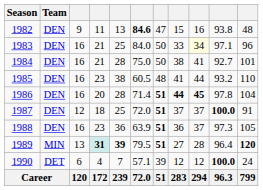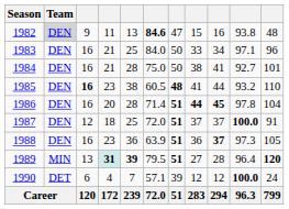 <table class="wikitable" style="text-align:center;">
 <tr>
 <th>Season</th>
 <th>Team</th>
 <th></th>
 <th></th>
 <th></th>
 <th></th>
 <th></th>
 <th></th>
 <th></th>
 <th></th>
 <th></th>
 </tr>
 <tr>
 <td><a href='#'>1982</a></td>
-<td><a href='#'>DEN</a></td>
+<td style="background: lightgrey;"><a href='#'>DEN</a></td>
 <td>9</td>
 <td>11</td>
 <td>13</td>
 <td><strong>84.6</strong></td>
 <td>47</td>
 <td>15</td>
 <td>16</td>
 <td>93.8</td>
 <td>48</td>
 </tr>
 <tr>
 <td><a href='#'>1983</a></td>
 <td><a href='#'>DEN</a></td>
 <td>16</td>
 <td>21</td>
 <td>25</td>
 <td>84.0</td>
 <td>50</td>
 <td>33</td>
-<td style="background: lightyellow;">34</td>
+<td>34</td>
 <td>97.1</td>
 <td>96</td>
 </tr>
 <tr>
 <td><a href='#'>1984</a></td>
 <td><a href='#'>DEN</a></td>
 <td>16</td>
 <td>21</td>
 <td>28</td>
 <td>75.0</td>
 <td>50</td>
 <td>38</td>
 <td>41</td>
 <td>92.7</td>
 <td>101</td>
 </tr>
 <tr>
 <td><a href='#'>1985</a></td>
 <td><a href='#'>DEN</a></td>
-<td>16</td>
+<td><strong>16</strong></td>
 <td>23</td>
 <td>38</td>
 <td>60.5</td>
-<td>48</td>
+<td><strong>48</strong></td>
 <td>41</td>
 <td>44</td>
 <td>93.2</td>
 <td>110</td>
 </tr>
 <tr>
 <td><a href='#'>1986</a></td>
 <td><a href='#'>DEN</a></td>
 <td>16</td>
 <td>20</td>
 <td>28</td>
 <td>71.4</td>
 <td><strong>51</strong></td>
 <td><strong>44</strong></td>
 <td><strong>45</strong></td>
 <td>97.8</td>
 <td>104</td>
 </tr>
 <tr>
 <td><a href='#'>1987</a></td>
 <td><a href='#'>DEN</a></td>
 <td>12</td>
 <td>18</td>
 <td>25</td>
 <td>72.0</td>
 <td><strong>51</strong></td>
 <td>37</td>
 <td>37</td>
 <td><strong>100.0</strong></td>
 <td>91</td>
 </tr>
 <tr>
 <td><a href='#'>1988</a></td>
 <td><a href='#'>DEN</a></td>
 <td>16</td>
 <td>23</td>
 <td>36</td>
 <td>63.9</td>
 <td><strong>51</strong></td>
 <td>36</td>
-<td>37</td>
+<td><strong>37</strong></td>
 <td>97.3</td>
 <td>105</td>
 </tr>
 <tr>
 <td><a href='#'>1989</a></td>
 <td><a href='#'>MIN</a></td>
 <td>13</td>
 <td style="background:#cfecec;"><strong>31</strong></td>
 <td><strong>39</strong></td>
 <td>79.5</td>
 <td><strong>51</strong></td>
 <td>27</td>
 <td>28</td>
 <td>96.4</td>
 <td><strong>120</strong></td>
 </tr>
 <tr>
 <td><a href='#'>1990</a></td>
 <td><a href='#'>DET</a></td>
 <td>6</td>
 <td>4</td>
 <td>7</td>
 <td>57.1</td>
 <td>39</td>
 <td>12</td>
 <td>12</td>
 <td><strong>100.0</strong></td>
 <td>24</td>
 </tr>
 <tr>
 <th colspan="2">Career</th>
 <th>120</th>
 <th>172</th>
 <th>239</th>
 <th>72.0</th>
 <th>51</th>
 <th>283</th>
 <th>294</th>
 <th>96.3</th>
 <th>799</th>
 </tr>
 </table>
